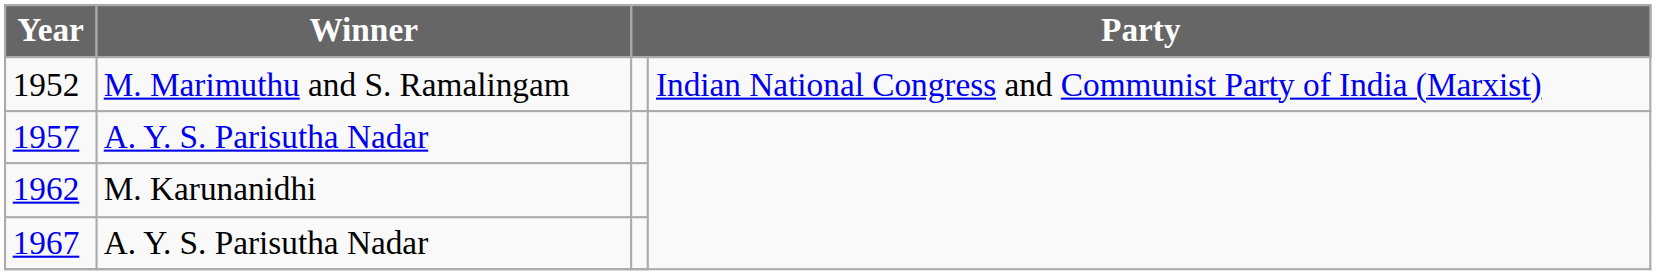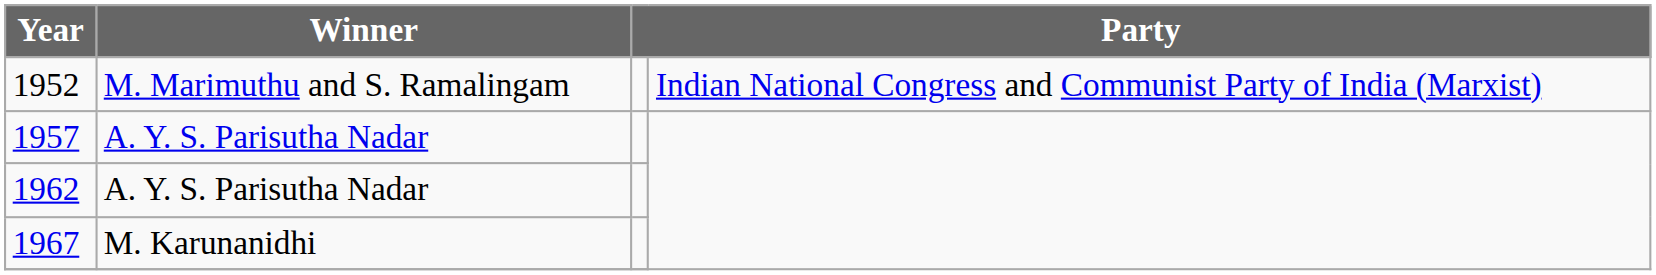 <table class="wikitable sortable" width="50%">
 <tr>
 <th style="background-color:#666666; color:white">Year</th>
 <th style="background-color:#666666; color:white">Winner</th>
 <th style="background-color:#666666; color:white" colspan="2">Party</th>
 </tr>
 <tr>
 <td>1952</td>
 <td><a href='#'>M. Marimuthu</a> and S. Ramalingam</td>
 <td></td>
 <td><a href='#'>Indian National Congress</a> and <a href='#'>Communist Party of India (Marxist)</a></td>
 </tr>
 <tr>
 <td><a href='#'>1957</a></td>
 <td><a href='#'>A. Y. S. Parisutha Nadar</a></td>
 <td></td>
 </tr>
 <tr>
 <td><a href='#'>1962</a></td>
-<td>M. Karunanidhi</td>
+<td>A. Y. S. Parisutha Nadar</td>
 <td></td>
 </tr>
 <tr>
 <td><a href='#'>1967</a></td>
-<td>A. Y. S. Parisutha Nadar</td>
+<td>M. Karunanidhi</td>
 <td></td>
 </tr>
 <tr>
 </tr>
 </table>
